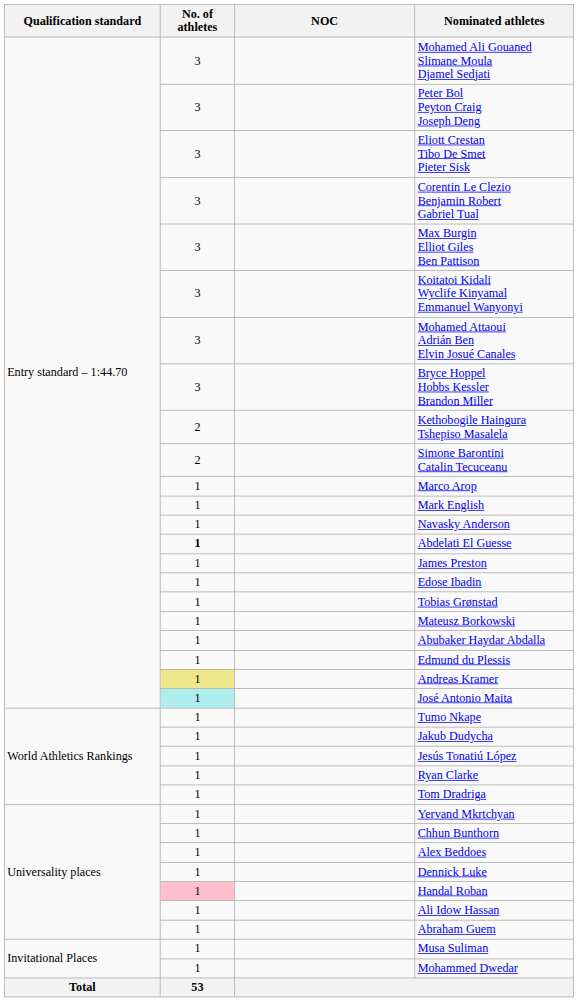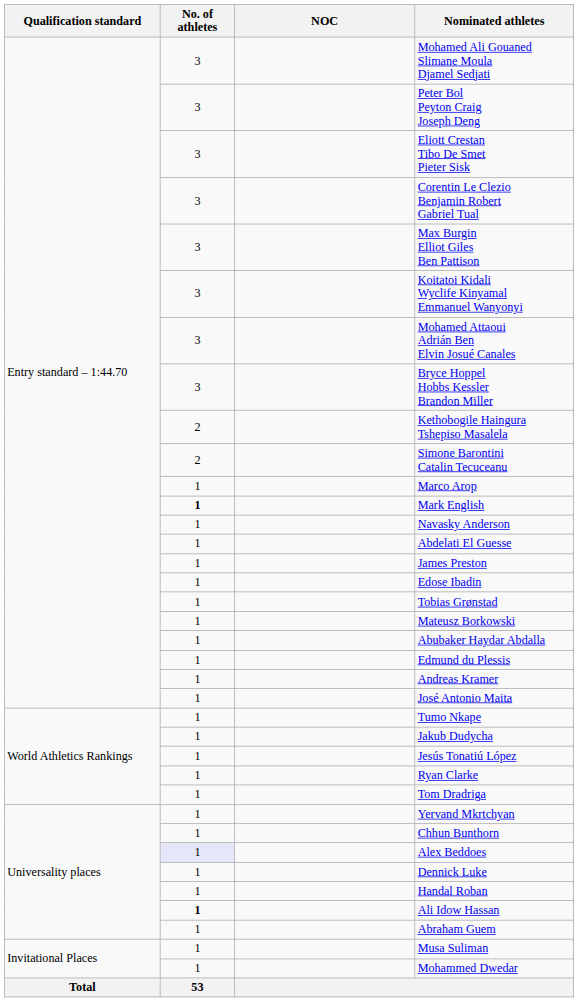 <table class="wikitable sortable" style="text-align:left; width:750px;">
 <tr>
 <th>Qualification standard</th>
 <th width=90>No. of athletes</th>
 <th width=230>NOC</th>
 <th>Nominated athletes</th>
 </tr>
 <tr>
 <td rowspan=22>Entry standard – 1:44.70</td>
 <td align=center>3</td>
 <td></td>
 <td><a href='#'>Mohamed Ali Gouaned</a><br><a href='#'>Slimane Moula</a><br><a href='#'>Djamel Sedjati</a></td>
 </tr>
 <tr>
 <td align=center>3</td>
 <td></td>
 <td><a href='#'>Peter Bol</a><br><a href='#'>Peyton Craig</a><br><a href='#'>Joseph Deng</a></td>
 </tr>
 <tr>
 <td align=center>3</td>
 <td></td>
 <td><a href='#'>Eliott Crestan</a><br><a href='#'>Tibo De Smet</a><br><a href='#'>Pieter Sisk</a></td>
 </tr>
 <tr>
 <td align=center>3</td>
 <td></td>
 <td><a href='#'>Corentin Le Clezio</a><br><a href='#'>Benjamin Robert</a><br><a href='#'>Gabriel Tual</a></td>
 </tr>
 <tr>
 <td align=center>3</td>
 <td></td>
 <td><a href='#'>Max Burgin</a><br><a href='#'>Elliot Giles</a><br><a href='#'>Ben Pattison</a></td>
 </tr>
 <tr>
 <td align=center>3</td>
 <td></td>
 <td><a href='#'>Koitatoi Kidali</a><br><a href='#'>Wyclife Kinyamal</a><br><a href='#'>Emmanuel Wanyonyi</a></td>
 </tr>
 <tr>
 <td align=center>3</td>
 <td></td>
 <td><a href='#'>Mohamed Attaoui</a><br><a href='#'>Adrián Ben</a><br><a href='#'>Elvin Josué Canales</a></td>
 </tr>
 <tr>
 <td align=center>3</td>
 <td></td>
 <td><a href='#'>Bryce Hoppel</a><br><a href='#'>Hobbs Kessler</a><br><a href='#'>Brandon Miller</a></td>
 </tr>
 <tr>
 <td align=center>2</td>
 <td></td>
 <td><a href='#'>Kethobogile Haingura</a><br><a href='#'>Tshepiso Masalela</a></td>
 </tr>
 <tr>
 <td align=center>2</td>
 <td></td>
 <td><a href='#'>Simone Barontini</a><br><a href='#'>Catalin Tecuceanu</a></td>
 </tr>
 <tr>
 <td align=center>1</td>
 <td></td>
 <td><a href='#'>Marco Arop</a></td>
 </tr>
 <tr>
-<td align=center>1</td>
+<td align=center><strong>1</strong></td>
 <td></td>
 <td><a href='#'>Mark English</a></td>
 </tr>
 <tr>
 <td align=center>1</td>
 <td></td>
 <td><a href='#'>Navasky Anderson</a></td>
 </tr>
 <tr>
-<td align=center><strong>1</strong></td>
+<td align=center>1</td>
 <td></td>
 <td><a href='#'>Abdelati El Guesse</a></td>
 </tr>
 <tr>
 <td align=center>1</td>
 <td></td>
 <td><a href='#'>James Preston</a></td>
 </tr>
 <tr>
 <td align=center>1</td>
 <td></td>
 <td><a href='#'>Edose Ibadin</a></td>
 </tr>
 <tr>
 <td align=center>1</td>
 <td></td>
 <td><a href='#'>Tobias Grønstad</a></td>
 </tr>
 <tr>
 <td align=center>1</td>
 <td></td>
 <td><a href='#'>Mateusz Borkowski</a></td>
 </tr>
 <tr>
 <td align=center>1</td>
 <td></td>
 <td><a href='#'>Abubaker Haydar Abdalla</a></td>
 </tr>
 <tr>
 <td align=center>1</td>
 <td></td>
 <td><a href='#'>Edmund du Plessis</a></td>
 </tr>
 <tr>
-<td align=center style="background: khaki;">1</td>
+<td align=center>1</td>
 <td></td>
 <td><a href='#'>Andreas Kramer</a></td>
 </tr>
 <tr>
-<td align=center style="background: paleturquoise;">1</td>
+<td align=center>1</td>
 <td></td>
 <td><a href='#'>José Antonio Maita</a></td>
 </tr>
 <tr>
 <td rowspan=5>World Athletics Rankings</td>
 <td align=center>1</td>
 <td></td>
 <td><a href='#'>Tumo Nkape</a></td>
 </tr>
 <tr>
 <td align=center>1</td>
 <td></td>
 <td><a href='#'>Jakub Dudycha</a></td>
 </tr>
 <tr>
 <td align=center>1</td>
 <td></td>
 <td><a href='#'>Jesús Tonatiú López</a></td>
 </tr>
 <tr>
 <td align=center>1</td>
 <td></td>
 <td><a href='#'>Ryan Clarke</a></td>
 </tr>
 <tr>
 <td align=center>1</td>
 <td></td>
 <td><a href='#'>Tom Dradriga</a></td>
 </tr>
 <tr>
 <td rowspan=7>Universality places</td>
 <td align=center>1</td>
 <td></td>
 <td><a href='#'>Yervand Mkrtchyan</a></td>
 </tr>
 <tr>
 <td align=center>1</td>
 <td></td>
 <td><a href='#'>Chhun Bunthorn</a></td>
 </tr>
 <tr>
-<td align=center>1</td>
+<td align=center style="background: lavender;">1</td>
 <td></td>
 <td><a href='#'>Alex Beddoes</a></td>
 </tr>
 <tr>
 <td align=center>1</td>
 <td></td>
 <td><a href='#'>Dennick Luke</a></td>
 </tr>
 <tr>
-<td align=center style="background: pink;">1</td>
+<td align=center>1</td>
 <td></td>
 <td><a href='#'>Handal Roban</a></td>
 </tr>
 <tr>
-<td align=center>1</td>
+<td align=center><strong>1</strong></td>
 <td></td>
 <td><a href='#'>Ali Idow Hassan</a></td>
 </tr>
 <tr>
 <td align=center>1</td>
 <td></td>
 <td><a href='#'>Abraham Guem</a></td>
 </tr>
 <tr>
 <td rowspan=2>Invitational Places</td>
 <td align=center>1</td>
 <td></td>
 <td><a href='#'>Musa Suliman</a></td>
 </tr>
 <tr>
 <td align=center>1</td>
 <td></td>
 <td><a href='#'>Mohammed Dwedar</a></td>
 </tr>
 <tr>
 <th>Total</th>
 <th>53</th>
 <th colspan=2></th>
 </tr>
 </table>
